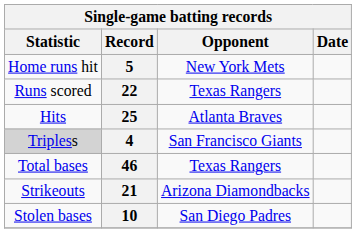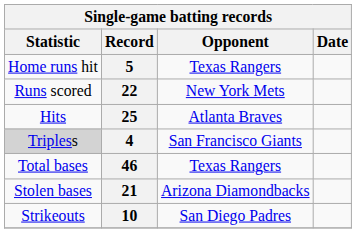 <table class="wikitable sortable" style="text-align:center">
 <tr>
 <th colspan=4>Single-game batting records</th>
 </tr>
 <tr>
 <th scope="col">Statistic</th>
 <th scope="col" class="unsortable">Record</th>
 <th scope="col" class="unsortable">Opponent</th>
 <th scope="col">Date</th>
 </tr>
 <tr>
 <td><a href='#'>Home runs</a> hit</td>
 <th scope="row">5</th>
-<td><a href='#'>New York Mets</a></td>
+<td><a href='#'>Texas Rangers</a></td>
 <td></td>
 </tr>
 <tr>
 <td><a href='#'>Runs</a> scored</td>
 <th scope="row">22</th>
-<td><a href='#'>Texas Rangers</a></td>
+<td><a href='#'>New York Mets</a></td>
 <td></td>
 </tr>
 <tr>
 <td><a href='#'>Hits</a></td>
 <th scope="row">25</th>
 <td><a href='#'>Atlanta Braves</a></td>
 <td></td>
 </tr>
 <tr>
 <td style="background: lightgrey;"><a href='#'>Triples</a>s</td>
 <th scope="row">4</th>
 <td><a href='#'>San Francisco Giants</a></td>
 <td></td>
 </tr>
 <tr>
 <td><a href='#'>Total bases</a></td>
 <th scope="row">46</th>
 <td><a href='#'>Texas Rangers</a></td>
 <td></td>
 </tr>
 <tr>
-<td><a href='#'>Strikeouts</a></td>
+<td><a href='#'>Stolen bases</a></td>
 <th scope="row">21</th>
 <td><a href='#'>Arizona Diamondbacks</a></td>
 <td></td>
 </tr>
 <tr>
-<td><a href='#'>Stolen bases</a></td>
+<td><a href='#'>Strikeouts</a></td>
 <th scope="row">10</th>
 <td><a href='#'>San Diego Padres</a></td>
 <td></td>
 </tr>
 <tr>
 </tr>
 </table>
